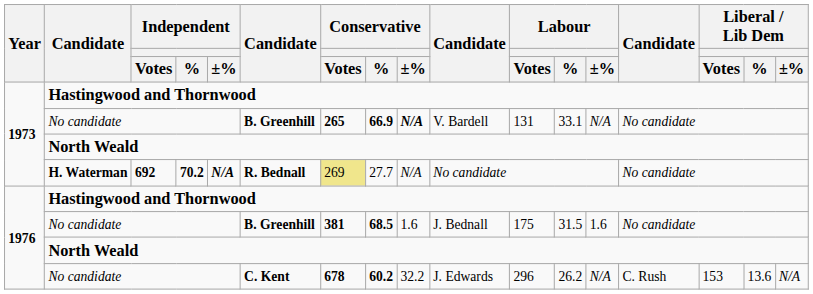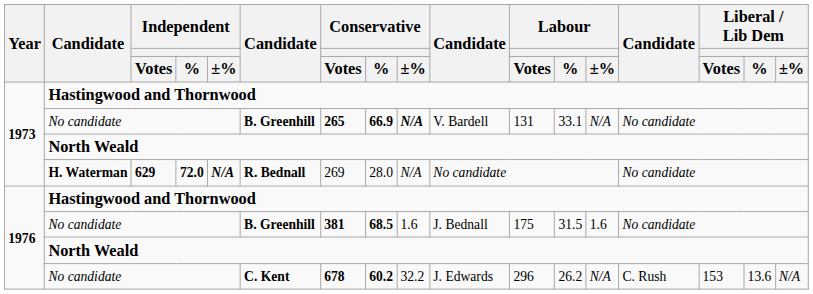 <table class="wikitable">
 <tr>
 <th rowspan="3">Year</th>
 <th rowspan="3">Candidate</th>
 <th colspan="3">Independent</th>
 <th rowspan="3">Candidate</th>
 <th colspan="3">Conservative</th>
 <th rowspan="3">Candidate</th>
 <th colspan="3">Labour</th>
 <th rowspan="3">Candidate</th>
 <th colspan="3">Liberal /<br>Lib Dem</th>
 </tr>
 <tr>
 <th colspan="3" style="background:"></th>
 <th colspan="3" style="background:"></th>
 <th colspan="3" style="background:"></th>
 <th colspan="3" style="background:"></th>
 </tr>
 <tr>
 <th>Votes</th>
 <th>%</th>
 <th><strong>±%</strong></th>
 <th>Votes</th>
 <th>%</th>
 <th><strong>±%</strong></th>
 <th>Votes</th>
 <th>%</th>
 <th><strong>±%</strong></th>
 <th>Votes</th>
 <th>%</th>
 <th><strong>±%</strong></th>
 </tr>
 <tr>
 <td rowspan="4"><small><strong>1973</strong></small></td>
 <td colspan="16"><strong>Hastingwood and Thornwood</strong></td>
 </tr>
 <tr>
 <td colspan="4"><em><small>No candidate</small></em></td>
 <td><small><strong>B. Greenhill</strong></small></td>
 <td><small><strong>265</strong></small></td>
 <td><small><strong>66.9</strong></small></td>
 <td><em><small><strong>N/A</strong></small></em></td>
 <td><small>V. Bardell</small></td>
 <td><small>131</small></td>
 <td><small>33.1</small></td>
 <td><em><small>N/A</small></em></td>
 <td colspan="4"><em><small>No candidate</small></em></td>
 </tr>
 <tr>
 <td colspan="16"><strong>North Weald</strong></td>
 </tr>
 <tr>
 <td><small><strong>H. Waterman</strong></small></td>
-<td><small><strong>692</strong></small></td>
-<td><small><strong>70.2</strong></small></td>
+<td><small><strong>629</strong></small></td>
+<td><small><strong>72.0</strong></small></td>
 <td><em><small><strong>N/A</strong></small></em></td>
 <td><strong><small>R. Bednall</small></strong></td>
-<td style="background: khaki;"><small>269</small></td>
-<td><small>27.7</small></td>
+<td><small>269</small></td>
+<td><small>28.0</small></td>
 <td><em><small>N/A</small></em></td>
 <td colspan="4"><em><small>No candidate</small></em></td>
 <td colspan="4"><em><small>No candidate</small></em></td>
 </tr>
 <tr>
 <td rowspan="4"><small><strong>1976</strong></small></td>
 <td colspan="16"><strong>Hastingwood and Thornwood</strong></td>
 </tr>
 <tr>
 <td colspan="4"><em><small>No candidate</small></em></td>
 <td><small><strong>B. Greenhill</strong></small></td>
 <td><small><strong>381</strong></small></td>
 <td><small><strong>68.5</strong></small></td>
 <td><small>1.6</small></td>
 <td><small>J. Bednall</small></td>
 <td><small>175</small></td>
 <td><small>31.5</small></td>
 <td><small>1.6</small></td>
 <td colspan="4"><em><small>No candidate</small></em></td>
 </tr>
 <tr>
 <td colspan="16"><strong>North Weald</strong></td>
 </tr>
 <tr>
 <td colspan="4"><em><small>No candidate</small></em></td>
 <td><small><strong>C. Kent</strong></small></td>
 <td><small><strong>678</strong></small></td>
 <td><small><strong>60.2</strong></small></td>
 <td><small>32.2</small></td>
 <td><small>J. Edwards</small></td>
 <td><small>296</small></td>
 <td><small>26.2</small></td>
 <td><em><small>N/A</small></em></td>
 <td><small>C. Rush</small></td>
 <td><small>153</small></td>
 <td><small>13.6</small></td>
 <td><em><small>N/A</small></em></td>
 </tr>
 </table>
